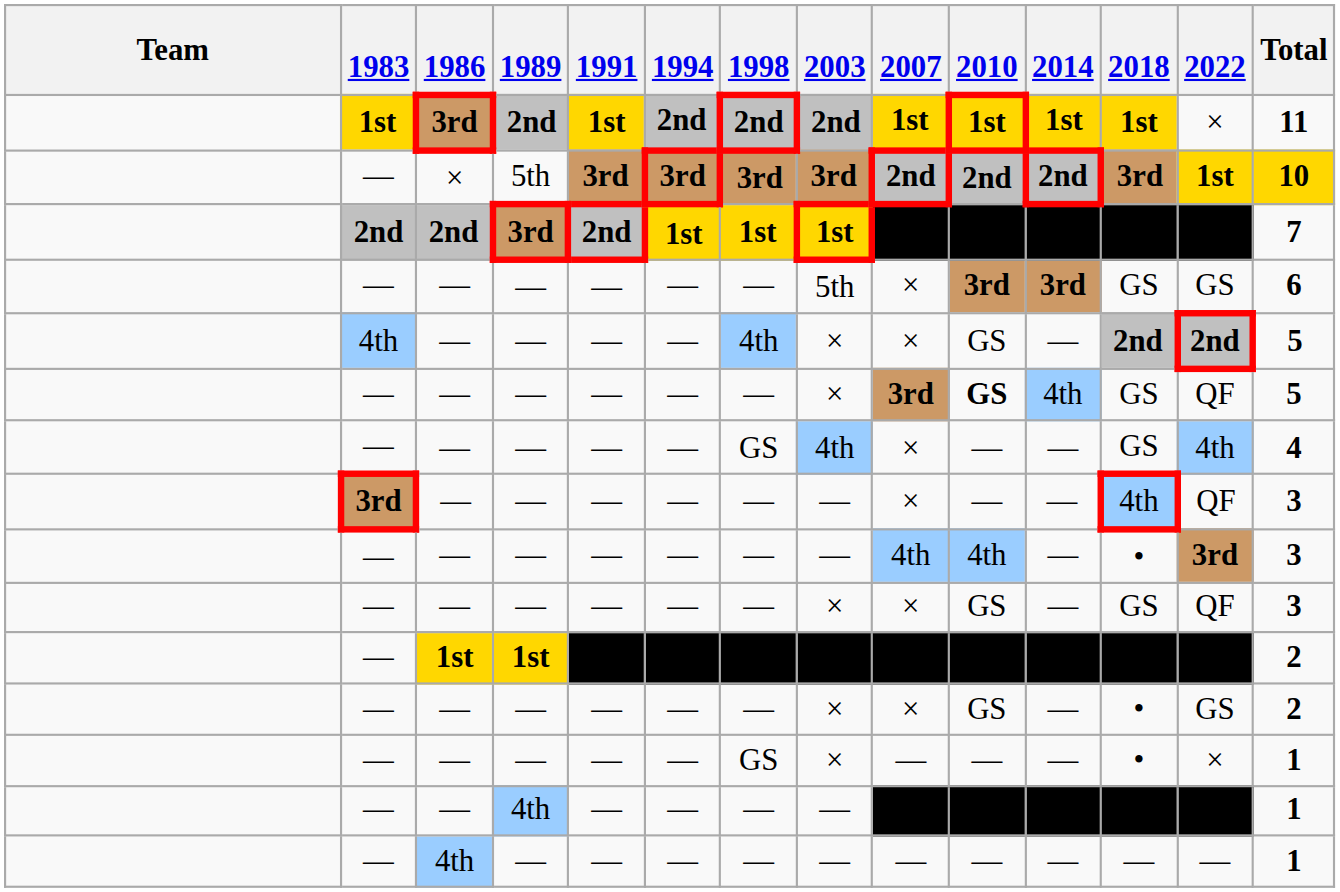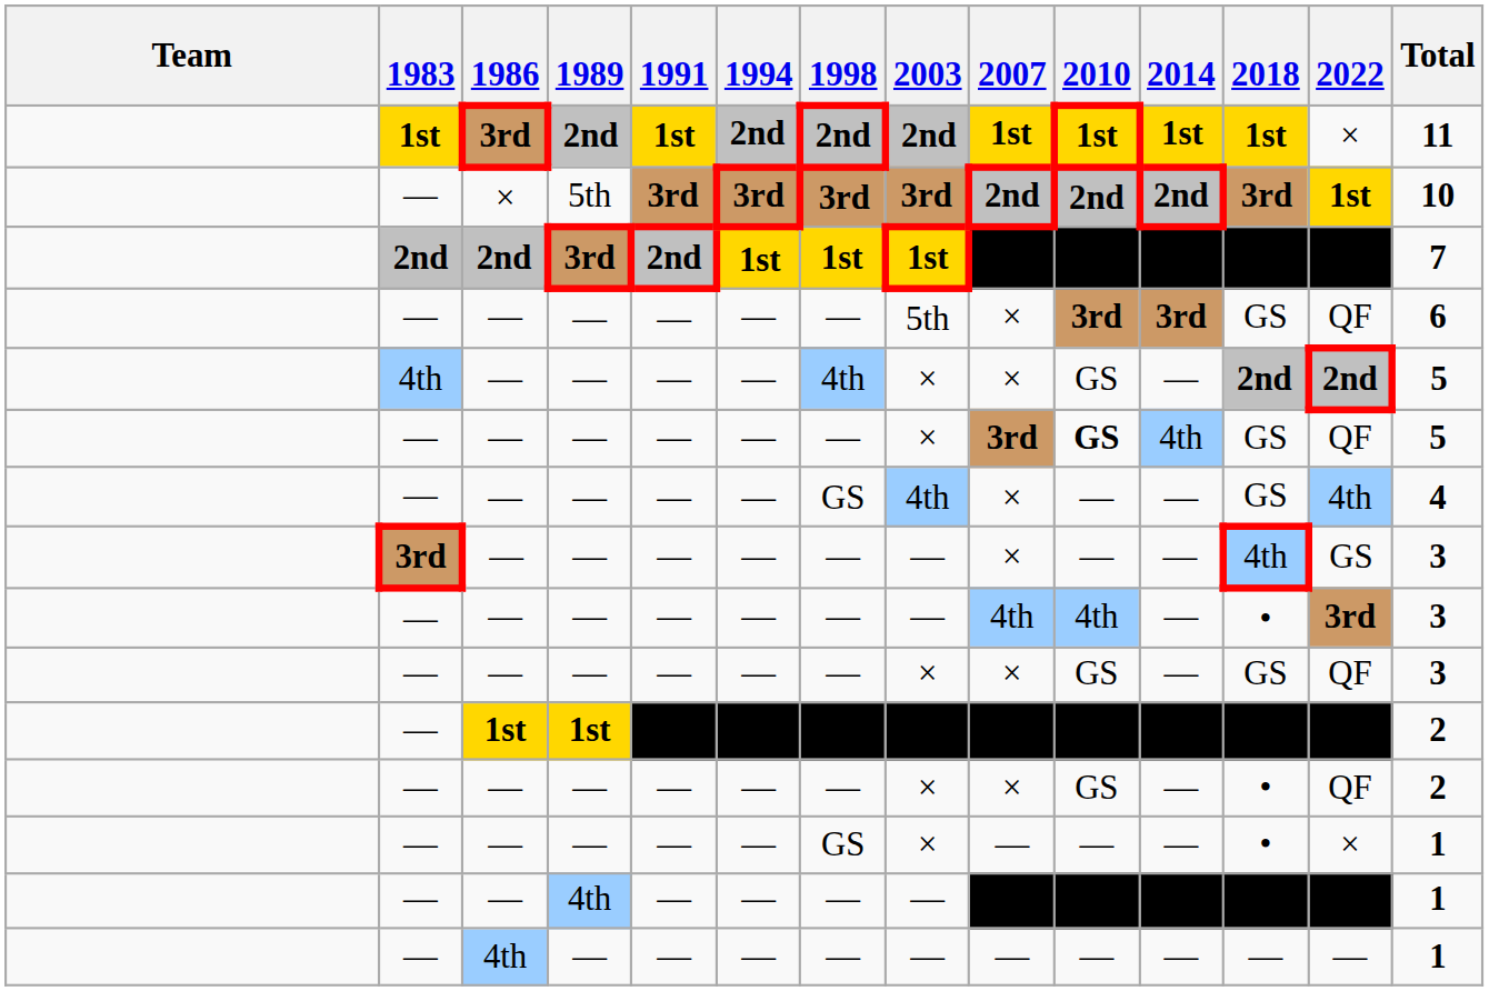 <table class="wikitable" style="text-align:center; font-size:90%">
 <tr>
 <th width=150>Team</th>
 <th><br><a href='#'>1983</a></th>
 <th><br><a href='#'>1986</a></th>
 <th><br><a href='#'>1989</a></th>
 <th><br><a href='#'>1991</a></th>
 <th><br><a href='#'>1994</a></th>
 <th><br><a href='#'>1998</a></th>
 <th><br><a href='#'>2003</a></th>
 <th><br><a href='#'>2007</a></th>
 <th><br><a href='#'>2010</a></th>
 <th><br><a href='#'>2014</a></th>
 <th><br><a href='#'>2018</a></th>
 <th><br><a href='#'>2022</a></th>
 <th>Total</th>
 </tr>
 <tr>
 <td align="left"></td>
 <td bgcolor="Gold"><strong>1st</strong></td>
 <td style="border: 3px solid red" bgcolor="#cc9966"><strong>3rd</strong></td>
 <td bgcolor="Silver"><strong>2nd</strong></td>
 <td bgcolor="Gold"><strong>1st</strong></td>
 <td bgcolor="Silver"><strong>2nd</strong></td>
 <td style="border: 3px solid red" bgcolor="Silver"><strong>2nd</strong></td>
 <td bgcolor="Silver"><strong>2nd</strong></td>
 <td bgcolor="Gold"><strong>1st</strong></td>
 <td style="border: 3px solid red" bgcolor="Gold"><strong>1st</strong></td>
 <td bgcolor="Gold"><strong>1st</strong></td>
 <td bgcolor="Gold"><strong>1st</strong></td>
 <td>×</td>
 <td><strong>11</strong></td>
 </tr>
 <tr>
 <td align="left"></td>
 <td>—</td>
 <td>×</td>
 <td>5th</td>
 <td bgcolor="#cc9966"><strong>3rd</strong></td>
 <td style="border: 3px solid red" bgcolor="#cc9966"><strong>3rd</strong></td>
 <td bgcolor="#cc9966"><strong>3rd</strong></td>
 <td bgcolor="#cc9966"><strong>3rd</strong></td>
 <td style="border: 3px solid red" bgcolor="Silver"><strong>2nd</strong></td>
 <td bgcolor="Silver"><strong>2nd</strong></td>
 <td style="border: 3px solid red" bgcolor="Silver"><strong>2nd</strong></td>
 <td bgcolor="#cc9966"><strong>3rd</strong></td>
 <td bgcolor="Gold"><strong>1st</strong></td>
-<td style="background: gold;"><strong>10</strong></td>
+<td><strong>10</strong></td>
 </tr>
 <tr>
 <td align="left"></td>
 <td bgcolor="Silver"><strong>2nd</strong></td>
 <td bgcolor="Silver"><strong>2nd</strong></td>
 <td style="border: 3px solid red" bgcolor="#cc9966"><strong>3rd</strong></td>
 <td style="border: 3px solid red" bgcolor="Silver"><strong>2nd</strong></td>
 <td bgcolor="Gold"><strong>1st</strong></td>
 <td bgcolor="Gold"><strong>1st</strong></td>
 <td style="border: 3px solid red" bgcolor="Gold"><strong>1st</strong></td>
 <td bgcolor="#000000"></td>
 <td bgcolor="#000000"></td>
 <td bgcolor="#000000"></td>
 <td bgcolor="#000000"></td>
 <td bgcolor="#000000"></td>
 <td><strong>7</strong></td>
 </tr>
 <tr>
 <td align="left"></td>
 <td>—</td>
 <td>—</td>
 <td>—</td>
 <td>—</td>
 <td>—</td>
 <td>—</td>
 <td>5th</td>
 <td>×</td>
 <td bgcolor="#cc9966"><strong>3rd</strong></td>
 <td bgcolor="#cc9966"><strong>3rd</strong></td>
 <td>GS</td>
-<td>GS</td>
+<td>QF</td>
 <td><strong>6</strong></td>
 </tr>
 <tr>
 <td align="left"></td>
 <td bgcolor="#9acdff">4th</td>
 <td>—</td>
 <td>—</td>
 <td>—</td>
 <td>—</td>
 <td bgcolor="#9acdff">4th</td>
 <td>×</td>
 <td>×</td>
 <td>GS</td>
 <td>—</td>
 <td bgcolor="Silver"><strong>2nd</strong></td>
 <td style="border: 3px solid red" bgcolor="Silver"><strong>2nd</strong></td>
 <td><strong>5</strong></td>
 </tr>
 <tr>
 <td align="left"></td>
 <td>—</td>
 <td>—</td>
 <td>—</td>
 <td>—</td>
 <td>—</td>
 <td>—</td>
 <td>×</td>
 <td bgcolor="#cc9966"><strong>3rd</strong></td>
 <td><strong>GS</strong></td>
 <td bgcolor="#9acdff">4th</td>
 <td>GS</td>
 <td>QF</td>
 <td><strong>5</strong></td>
 </tr>
 <tr>
 <td align="left"></td>
 <td>—</td>
 <td>—</td>
 <td>—</td>
 <td>—</td>
 <td>—</td>
 <td>GS</td>
 <td bgcolor="#9acdff">4th</td>
 <td>×</td>
 <td>—</td>
 <td>—</td>
 <td>GS</td>
 <td bgcolor="#9acdff">4th</td>
 <td><strong>4</strong></td>
 </tr>
 <tr>
 <td align="left"></td>
 <td style="border: 3px solid red" bgcolor="#cc9966"><strong>3rd</strong></td>
 <td>—</td>
 <td>—</td>
 <td>—</td>
 <td>—</td>
 <td>—</td>
 <td>—</td>
 <td>×</td>
 <td>—</td>
 <td>—</td>
 <td style="border: 3px solid red" bgcolor="#9acdff">4th</td>
-<td>QF</td>
+<td>GS</td>
 <td><strong>3</strong></td>
 </tr>
 <tr>
 <td align="left"></td>
 <td>—</td>
 <td>—</td>
 <td>—</td>
 <td>—</td>
 <td>—</td>
 <td>—</td>
 <td>—</td>
 <td bgcolor="#9acdff">4th</td>
 <td bgcolor="#9acdff">4th</td>
 <td>—</td>
 <td>•</td>
 <td bgcolor="#cc9966"><strong>3rd</strong></td>
 <td><strong>3</strong></td>
 </tr>
 <tr>
 <td align="left"></td>
 <td>—</td>
 <td>—</td>
 <td>—</td>
 <td>—</td>
 <td>—</td>
 <td>—</td>
 <td>×</td>
 <td>×</td>
 <td>GS</td>
 <td>—</td>
 <td>GS</td>
 <td>QF</td>
 <td><strong>3</strong></td>
 </tr>
 <tr>
 <td align="left"></td>
 <td>—</td>
 <td bgcolor="Gold"><strong>1st</strong></td>
 <td bgcolor="Gold"><strong>1st</strong></td>
 <td bgcolor="#000000"></td>
 <td bgcolor="#000000"></td>
 <td bgcolor="#000000"></td>
 <td bgcolor="#000000"></td>
 <td bgcolor="#000000"></td>
 <td bgcolor="#000000"></td>
 <td bgcolor="#000000"></td>
 <td bgcolor="#000000"></td>
 <td bgcolor="#000000"></td>
 <td><strong>2</strong></td>
 </tr>
 <tr>
 <td align="left"></td>
 <td>—</td>
 <td>—</td>
 <td>—</td>
 <td>—</td>
 <td>—</td>
 <td>—</td>
 <td>×</td>
 <td>×</td>
 <td>GS</td>
 <td>—</td>
 <td>•</td>
-<td>GS</td>
+<td>QF</td>
 <td><strong>2</strong></td>
 </tr>
 <tr>
 <td align=left></td>
 <td>—</td>
 <td>—</td>
 <td>—</td>
 <td>—</td>
 <td>—</td>
 <td>GS</td>
 <td>×</td>
 <td>—</td>
 <td>—</td>
 <td>—</td>
 <td>•</td>
 <td>×</td>
 <td><strong>1</strong></td>
 </tr>
 <tr>
 <td align=left></td>
 <td>—</td>
 <td>—</td>
 <td bgcolor="#9acdff">4th</td>
 <td>—</td>
 <td>—</td>
 <td>—</td>
 <td>—</td>
 <td bgcolor="#000000"></td>
 <td bgcolor="#000000"></td>
 <td bgcolor="#000000"></td>
 <td bgcolor="#000000"></td>
 <td bgcolor="#000000"></td>
 <td><strong>1</strong></td>
 </tr>
 <tr>
 <td align=left></td>
 <td>—</td>
 <td bgcolor="#9acdff">4th</td>
 <td>—</td>
 <td>—</td>
 <td>—</td>
 <td>—</td>
 <td>—</td>
 <td>—</td>
 <td>—</td>
 <td>—</td>
 <td>—</td>
 <td>—</td>
 <td><strong>1</strong></td>
 </tr>
 </table>
